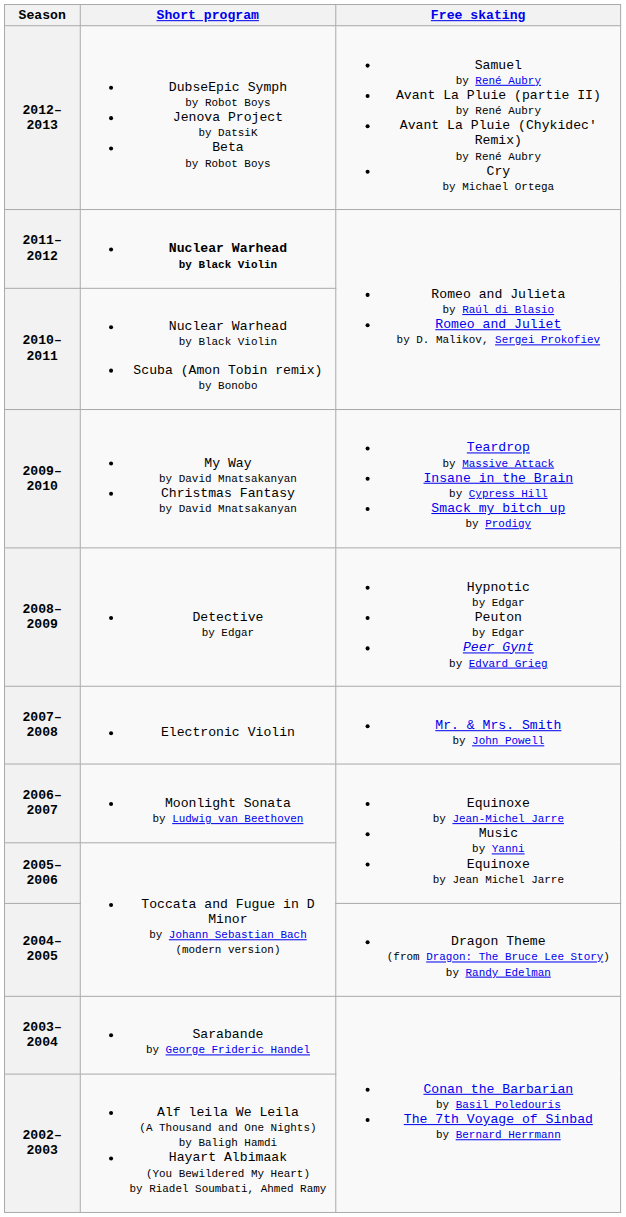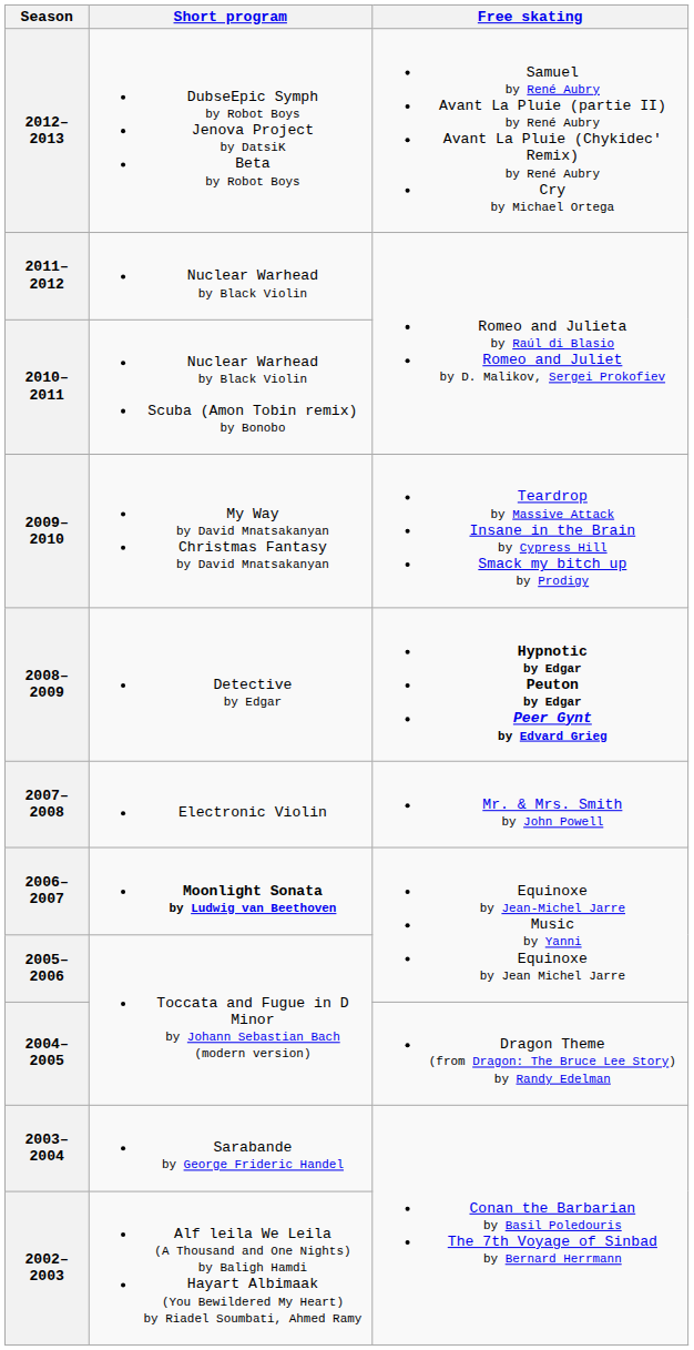 <table class="wikitable" style="text-align:center">
 <tr>
 <th>Season</th>
 <th><a href='#'>Short program</a></th>
 <th><a href='#'>Free skating</a></th>
 </tr>
 <tr>
 <th>2012–2013 <br> </th>
 <td><br><ul><li>DubseEpic Symph <br><small> by Robot Boys </small></li><li>Jenova Project <br><small> by DatsiK </small></li><li>Beta <br><small> by Robot Boys </small></li></ul></td>
 <td><br><ul><li>Samuel <br><small> by <a href='#'>René Aubry</a> </small></li><li>Avant La Pluie (partie II) <br><small> by René Aubry </small></li><li>Avant La Pluie (Chykidec' Remix) <br><small> by René Aubry </small></li><li>Cry <br><small> by Michael Ortega </small></li></ul></td>
 </tr>
 <tr>
 <th>2011–2012 <br> </th>
-<td><strong><br><ul><li>Nuclear Warhead <br><small> by Black Violin </small></li></ul></strong></td>
+<td><br><ul><li>Nuclear Warhead <br><small> by Black Violin </small></li></ul></td>
 <td rowspan="2"><br><ul><li>Romeo and Julieta <br><small> by <a href='#'>Raúl di Blasio</a> </small></li><li><a href='#'>Romeo and Juliet</a> <br><small> by D. Malikov, <a href='#'>Sergei Prokofiev</a> </small></li></ul></td>
 </tr>
 <tr>
 <th>2010–2011 <br> </th>
 <td><br><ul><li>Nuclear Warhead <br><small> by Black Violin </small></li></ul><ul><li>Scuba (Amon Tobin remix) <br><small> by Bonobo </small></li></ul></td>
 </tr>
 <tr>
 <th>2009–2010 <br> </th>
 <td><br><ul><li>My Way <br><small> by David Mnatsakanyan </small></li><li>Christmas Fantasy <br><small> by David Mnatsakanyan </small></li></ul></td>
 <td><br><ul><li><a href='#'>Teardrop</a> <br><small> by <a href='#'>Massive Attack</a> </small></li><li><a href='#'>Insane in the Brain</a> <br><small>by <a href='#'>Cypress Hill</a> </small></li><li><a href='#'>Smack my bitch up</a> <br><small>by <a href='#'>Prodigy</a> </small></li></ul></td>
 </tr>
 <tr>
 <th>2008–2009 <br> </th>
 <td><br><ul><li>Detective <br><small> by Edgar </small></li></ul></td>
-<td><br><ul><li>Hypnotic <br><small> by Edgar </small></li><li>Peuton <br><small> by Edgar </small></li><li><em><a href='#'>Peer Gynt</a></em> <br><small> by <a href='#'>Edvard Grieg</a> </small></li></ul></td>
+<td><strong><br><ul><li>Hypnotic <br><small> by Edgar </small></li><li>Peuton <br><small> by Edgar </small></li><li><em><a href='#'>Peer Gynt</a></em> <br><small> by <a href='#'>Edvard Grieg</a> </small></li></ul></strong></td>
 </tr>
 <tr>
 <th>2007–2008 <br> </th>
 <td><br><ul><li>Electronic Violin</li></ul></td>
 <td><br><ul><li><a href='#'>Mr. & Mrs. Smith</a> <br><small> by <a href='#'>John Powell</a> </small></li></ul></td>
 </tr>
 <tr>
 <th>2006–2007 <br> </th>
-<td><br><ul><li>Moonlight Sonata <br><small> by <a href='#'>Ludwig van Beethoven</a> </small></li></ul></td>
+<td><strong><br><ul><li>Moonlight Sonata <br><small> by <a href='#'>Ludwig van Beethoven</a> </small></li></ul></strong></td>
 <td rowspan="2"><br><ul><li>Equinoxe <br><small> by <a href='#'>Jean-Michel Jarre</a> </small></li><li>Music <br><small> by <a href='#'>Yanni</a> </small></li><li>Equinoxe <br><small> by Jean Michel Jarre </small></li></ul></td>
 </tr>
 <tr>
 <th>2005–2006 <br> </th>
 <td rowspan="2"><br><ul><li>Toccata and Fugue in D Minor <br><small> by <a href='#'>Johann Sebastian Bach</a> <br> (modern version) </small></li></ul></td>
 </tr>
 <tr>
 <th>2004–2005 <br> </th>
 <td><br><ul><li>Dragon Theme <br><small> (from <a href='#'>Dragon: The Bruce Lee Story</a>) <br> by <a href='#'>Randy Edelman</a> </small></li></ul></td>
 </tr>
 <tr>
 <th>2003–2004 <br> </th>
 <td><br><ul><li>Sarabande <br><small> by <a href='#'>George Frideric Handel</a> </small></li></ul></td>
 <td rowspan="2"><br><ul><li><a href='#'>Conan the Barbarian</a> <br><small> by <a href='#'>Basil Poledouris</a> </small></li><li><a href='#'>The 7th Voyage of Sinbad</a> <br><small> by <a href='#'>Bernard Herrmann</a> </small></li></ul></td>
 </tr>
 <tr>
 <th>2002–2003 <br> </th>
 <td><br><ul><li>Alf leila We Leila <br><small> (A Thousand and One Nights) <br> by Baligh Hamdi </small></li><li>Hayart Albimaak <br><small> (You Bewildered My Heart) <br> by Riadel Soumbati, Ahmed Ramy </small></li></ul></td>
 </tr>
 </table>
